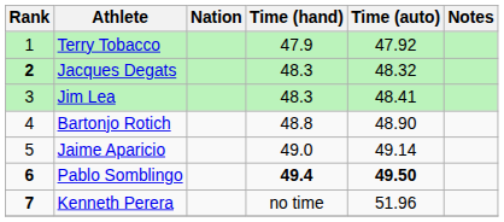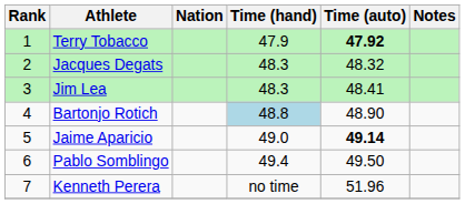 <table class="wikitable sortable" style="text-align:center">
 <tr>
 <th>Rank</th>
 <th>Athlete</th>
 <th>Nation</th>
 <th>Time (hand)</th>
 <th>Time (auto)</th>
 <th>Notes</th>
 </tr>
 <tr bgcolor=bbf3bb>
 <td>1</td>
 <td align=left><a href='#'>Terry Tobacco</a></td>
 <td align=left></td>
 <td>47.9</td>
-<td>47.92</td>
+<td><strong>47.92</strong></td>
 <td></td>
 </tr>
 <tr bgcolor=bbf3bb>
-<td><strong>2</strong></td>
+<td>2</td>
 <td align=left><a href='#'>Jacques Degats</a></td>
 <td align=left></td>
 <td>48.3</td>
 <td>48.32</td>
 <td></td>
 </tr>
 <tr bgcolor=bbf3bb>
 <td>3</td>
 <td align=left><a href='#'>Jim Lea</a></td>
 <td align=left></td>
 <td>48.3</td>
 <td>48.41</td>
 <td></td>
 </tr>
 <tr>
 <td>4</td>
 <td align=left><a href='#'>Bartonjo Rotich</a></td>
 <td align=left></td>
-<td>48.8</td>
+<td style="background: lightblue;">48.8</td>
 <td>48.90</td>
 <td></td>
 </tr>
 <tr>
 <td>5</td>
 <td align=left><a href='#'>Jaime Aparicio</a></td>
 <td align=left></td>
 <td>49.0</td>
-<td>49.14</td>
+<td><strong>49.14</strong></td>
 <td></td>
 </tr>
 <tr>
-<td><strong>6</strong></td>
+<td>6</td>
 <td align=left><a href='#'>Pablo Somblingo</a></td>
 <td align=left></td>
-<td><strong>49.4</strong></td>
-<td><strong>49.50</strong></td>
+<td>49.4</td>
+<td>49.50</td>
 <td></td>
 </tr>
 <tr>
-<td><strong>7</strong></td>
+<td>7</td>
 <td align=left><a href='#'>Kenneth Perera</a></td>
 <td align=left></td>
 <td data-sort-value=51.96>no time</td>
 <td>51.96</td>
 <td></td>
 </tr>
 <tr>
 </tr>
 </table>
